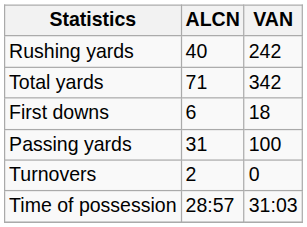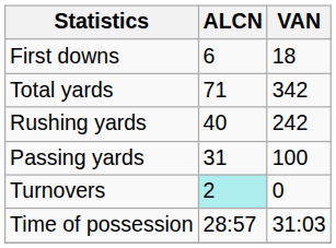 <table class="wikitable" style="float: left;">
 <tr>
 <th>Statistics</th>
 <th>ALCN</th>
 <th>VAN</th>
 </tr>
 <tr>
-<td>Rushing yards</td>
-<td>40</td>
-<td>242</td>
+<td>First downs</td>
+<td>6</td>
+<td>18</td>
 </tr>
 <tr>
 <td>Total yards</td>
 <td>71</td>
 <td>342</td>
 </tr>
 <tr>
-<td>First downs</td>
-<td>6</td>
-<td>18</td>
+<td>Rushing yards</td>
+<td>40</td>
+<td>242</td>
 </tr>
 <tr>
 <td>Passing yards</td>
 <td>31</td>
 <td>100</td>
 </tr>
 <tr>
 <td>Turnovers</td>
-<td>2</td>
+<td style="background: paleturquoise;">2</td>
 <td>0</td>
 </tr>
 <tr>
 <td>Time of possession</td>
 <td>28:57</td>
 <td>31:03</td>
 </tr>
 <tr>
 </tr>
 </table>
